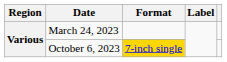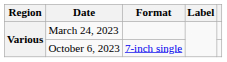 <table class="wikitable plainrowheaders">
 <tr>
 <th scope="col">Region</th>
 <th scope="col">Date</th>
 <th scope="col">Format</th>
 <th scope="col">Label</th>
 <th scope="col"></th>
 </tr>
 <tr>
 <th scope="row" rowspan="2">Various</th>
 <td>March 24, 2023</td>
 <td></td>
 <td rowspan="2"></td>
 <td></td>
 </tr>
 <tr>
 <td>October 6, 2023</td>
-<td style="background: gold;"><a href='#'>7-inch single</a></td>
+<td><a href='#'>7-inch single</a></td>
 <td></td>
 </tr>
 </table>
